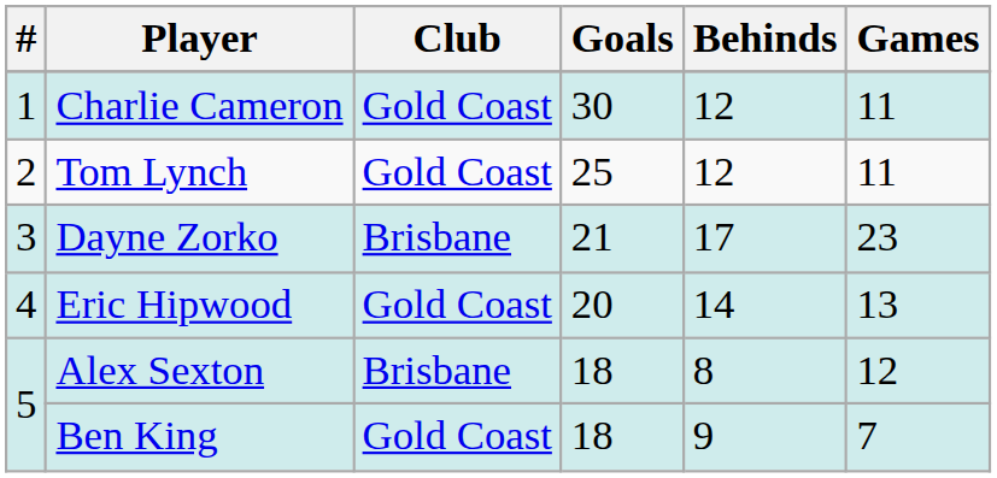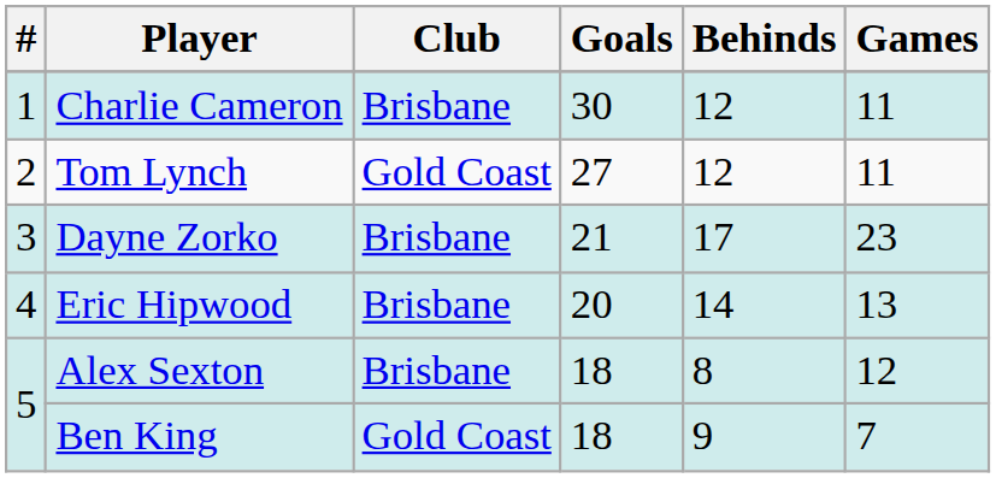 <table class="wikitable">
 <tr>
 <th>#</th>
 <th>Player</th>
 <th>Club</th>
 <th>Goals</th>
 <th>Behinds</th>
 <th>Games</th>
 </tr>
 <tr>
 </tr>
 <tr style="text-align:left; background:#cfecec;">
 <td>1</td>
 <td> <a href='#'>Charlie Cameron</a></td>
-<td><a href='#'>Gold Coast</a></td>
+<td><a href='#'>Brisbane</a></td>
 <td>30</td>
 <td>12</td>
 <td>11</td>
 </tr>
 <tr>
 <td>2</td>
 <td> <a href='#'>Tom Lynch</a></td>
 <td><a href='#'>Gold Coast</a></td>
-<td>25</td>
+<td>27</td>
 <td>12</td>
 <td>11</td>
 </tr>
 <tr style="text-align:left; background:#cfecec;">
 <td>3</td>
 <td> <a href='#'>Dayne Zorko</a></td>
 <td><a href='#'>Brisbane</a></td>
 <td>21</td>
 <td>17</td>
 <td>23</td>
 </tr>
 <tr style="text-align:left; background:#cfecec;">
 <td>4</td>
 <td> <a href='#'>Eric Hipwood</a></td>
-<td><a href='#'>Gold Coast</a></td>
+<td><a href='#'>Brisbane</a></td>
 <td>20</td>
 <td>14</td>
 <td>13</td>
 </tr>
 <tr style="text-align:left; background:#cfecec;">
 <td rowspan="2">5</td>
 <td> <a href='#'>Alex Sexton</a></td>
 <td><a href='#'>Brisbane</a></td>
 <td>18</td>
 <td>8</td>
 <td>12</td>
 </tr>
 <tr style="text-align:left; background:#cfecec;">
 <td> <a href='#'>Ben King</a></td>
 <td><a href='#'>Gold Coast</a></td>
 <td>18</td>
 <td>9</td>
 <td>7</td>
 </tr>
 </table>
